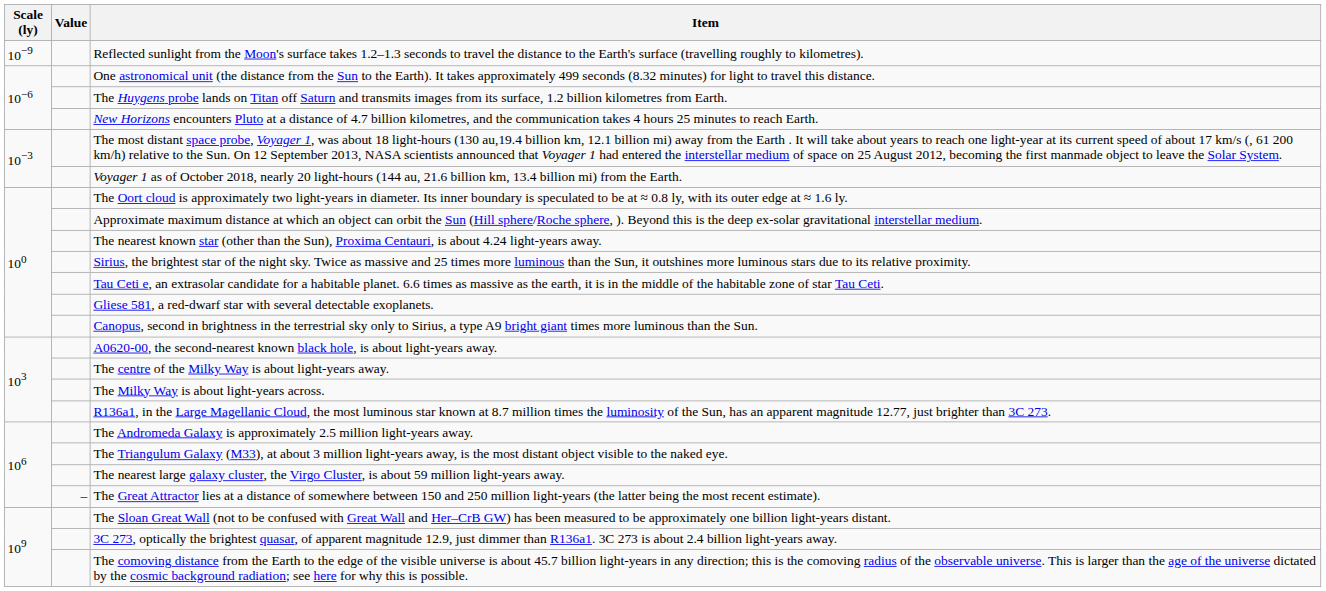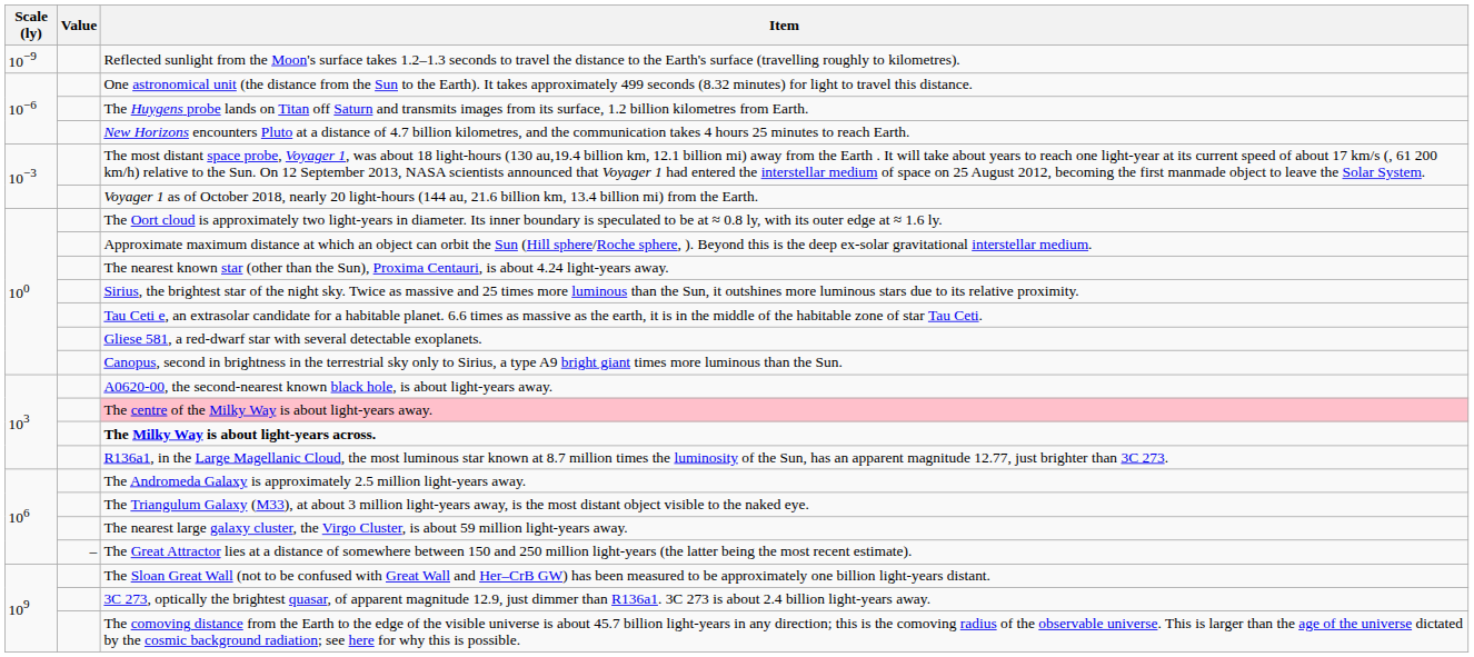 <table class="wikitable">
 <tr>
 <th>Scale (ly)</th>
 <th>Value</th>
 <th>Item</th>
 </tr>
 <tr>
 <td>10<sup>−9</sup></td>
 <td align=right></td>
 <td>Reflected sunlight from the <a href='#'>Moon</a>'s surface takes 1.2–1.3 seconds to travel the distance to the Earth's surface (travelling roughly  to  kilometres).</td>
 </tr>
 <tr>
 <td rowspan=3>10<sup>−6</sup></td>
 <td align=right></td>
 <td>One <a href='#'>astronomical unit</a> (the distance from the <a href='#'>Sun</a> to the Earth). It takes approximately 499 seconds (8.32 minutes) for light to travel this distance.</td>
 </tr>
 <tr>
 <td align=right></td>
 <td>The <a href='#'><em>Huygens</em> probe</a> lands on <a href='#'>Titan</a> off <a href='#'>Saturn</a> and transmits images from its surface, 1.2 billion kilometres from Earth.</td>
 </tr>
 <tr>
 <td align=right></td>
 <td><em><a href='#'>New Horizons</a></em> encounters <a href='#'>Pluto</a> at a distance of 4.7 billion kilometres, and the communication takes 4 hours 25 minutes to reach Earth.</td>
 </tr>
 <tr>
 <td rowspan="2">10<sup>−3</sup></td>
 <td align=right></td>
 <td>The most distant <a href='#'>space probe</a>, <em><a href='#'>Voyager 1</a></em>, was about 18 light-hours (130 au,19.4 billion km, 12.1 billion mi) away from the Earth . It will take about  years to reach one light-year at its current speed of about 17 km/s (, 61 200 km/h) relative to the Sun. On 12 September 2013, NASA scientists announced that <em>Voyager 1</em> had entered the <a href='#'>interstellar medium</a> of space on 25 August 2012, becoming the first manmade object to leave the <a href='#'>Solar System</a>.</td>
 </tr>
 <tr>
 <td align=right></td>
 <td><em>Voyager 1</em> as of October 2018, nearly 20 light-hours (144 au, 21.6 billion km, 13.4 billion mi) from the Earth.</td>
 </tr>
 <tr>
 <td rowspan=7>10<sup>0</sup></td>
 <td align=right></td>
 <td>The <a href='#'>Oort cloud</a> is approximately two light-years in diameter. Its inner boundary is speculated to be at  ≈ 0.8 ly, with its outer edge at  ≈ 1.6 ly.</td>
 </tr>
 <tr>
 <td align=right></td>
 <td>Approximate maximum distance at which an object can orbit the <a href='#'>Sun</a> (<a href='#'>Hill sphere</a>/<a href='#'>Roche sphere</a>, ). Beyond this is the deep ex-solar gravitational <a href='#'>interstellar medium</a>.</td>
 </tr>
 <tr>
 <td align=right></td>
 <td>The nearest known <a href='#'>star</a> (other than the Sun), <a href='#'>Proxima Centauri</a>, is about 4.24 light-years away.</td>
 </tr>
 <tr>
 <td align=right></td>
 <td><a href='#'>Sirius</a>, the brightest star of the night sky. Twice as massive and 25 times more <a href='#'>luminous</a> than the Sun, it outshines more luminous stars due to its relative proximity.</td>
 </tr>
 <tr>
 <td align=right></td>
 <td><a href='#'>Tau Ceti e</a>, an extrasolar candidate for a habitable planet. 6.6 times as massive as the earth, it is in the middle of the habitable zone of star <a href='#'>Tau Ceti</a>.</td>
 </tr>
 <tr>
 <td align=right></td>
 <td><a href='#'>Gliese 581</a>, a red-dwarf star with several detectable exoplanets.</td>
 </tr>
 <tr>
 <td align=right></td>
 <td><a href='#'>Canopus</a>, second in brightness in the terrestrial sky only to Sirius, a type A9 <a href='#'>bright giant</a>  times more luminous than the Sun.</td>
 </tr>
 <tr>
 <td rowspan=4>10<sup>3</sup></td>
 <td align=right></td>
 <td><a href='#'>A0620-00</a>, the second-nearest known <a href='#'>black hole</a>, is about  light-years away.</td>
 </tr>
 <tr>
 <td align=right></td>
-<td>The <a href='#'>centre</a> of the <a href='#'>Milky Way</a> is about  light-years away.</td>
+<td style="background: pink;">The <a href='#'>centre</a> of the <a href='#'>Milky Way</a> is about  light-years away.</td>
 </tr>
 <tr>
 <td align=right></td>
-<td>The <a href='#'>Milky Way</a> is about  light-years across.</td>
+<td><strong>The <a href='#'>Milky Way</a> is about  light-years across.</strong></td>
 </tr>
 <tr>
 <td align=right></td>
 <td><a href='#'>R136a1</a>, in the <a href='#'>Large Magellanic Cloud</a>, the most luminous star known at 8.7 million times the <a href='#'>luminosity</a> of the Sun, has an apparent magnitude 12.77, just brighter than <a href='#'>3C 273</a>.</td>
 </tr>
 <tr>
 <td rowspan=4>10<sup>6</sup></td>
 <td align=right></td>
 <td>The <a href='#'>Andromeda Galaxy</a> is approximately 2.5 million light-years away.</td>
 </tr>
 <tr>
 <td align=right></td>
 <td>The <a href='#'>Triangulum Galaxy</a> (<a href='#'>M33</a>), at about 3 million light-years away, is the most distant object visible to the naked eye.</td>
 </tr>
 <tr>
 <td align=right></td>
 <td>The nearest large <a href='#'>galaxy cluster</a>, the <a href='#'>Virgo Cluster</a>, is about 59 million light-years away.</td>
 </tr>
 <tr>
 <td align=right> – </td>
 <td>The <a href='#'>Great Attractor</a> lies at a distance of somewhere between 150 and 250 million light-years (the latter being the most recent estimate).</td>
 </tr>
 <tr>
 <td rowspan=3>10<sup>9</sup></td>
 <td align=right></td>
 <td>The <a href='#'>Sloan Great Wall</a> (not to be confused with <a href='#'>Great Wall</a> and <a href='#'>Her–CrB GW</a>) has been measured to be approximately one billion light-years distant.</td>
 </tr>
 <tr>
 <td align=right></td>
 <td><a href='#'>3C 273</a>, optically the brightest <a href='#'>quasar</a>, of apparent magnitude 12.9, just dimmer than <a href='#'>R136a1</a>. 3C 273 is about 2.4 billion light-years away.</td>
 </tr>
 <tr>
 <td align=right></td>
 <td>The <a href='#'>comoving distance</a> from the Earth to the edge of the visible universe is about 45.7 billion light-years in any direction; this is the comoving <a href='#'>radius</a> of the <a href='#'>observable universe</a>. This is larger than the <a href='#'>age of the universe</a> dictated by the <a href='#'>cosmic background radiation</a>; see <a href='#'>here</a> for why this is possible.</td>
 </tr>
 </table>
